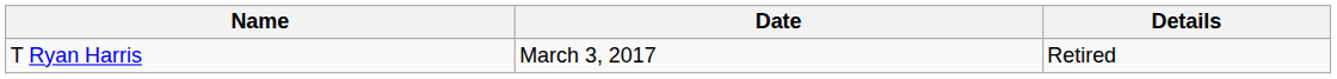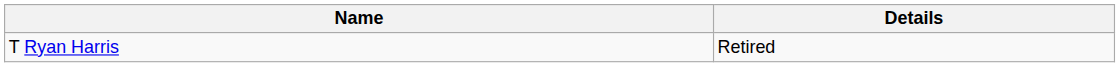 <table class="wikitable" style="width:50%">
 <tr style="text-align:center; background:#ddd">
 <th>Name</th>
-<th>Date</th>
 <th>Details</th>
 </tr>
 <tr>
 <td>T <a href='#'>Ryan Harris</a></td>
-<td>March 3, 2017</td>
 <td>Retired</td>
 </tr>
 </table>
